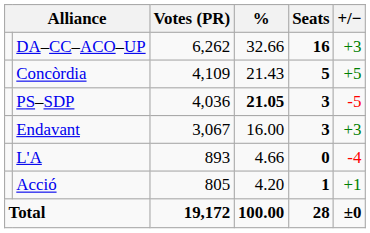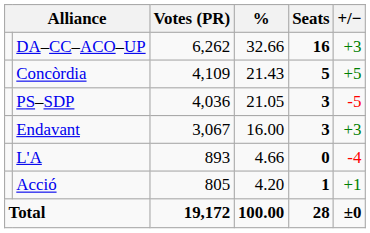 <table class="wikitable" style="text-align:right; font-size:95%;">
 <tr>
 <th colspan="2">Alliance</th>
 <th>Votes (PR)</th>
 <th>%</th>
 <th>Seats</th>
 <th>+/−</th>
 </tr>
 <tr>
 <td style="background:"></td>
 <td align="left"><a href='#'>DA</a>–<a href='#'>CC</a>–<a href='#'>ACO</a>–<a href='#'>UP</a></td>
 <td>6,262</td>
 <td>32.66</td>
 <td><strong>16</strong></td>
 <td style="color:green;">+3</td>
 </tr>
 <tr>
 <td style="background:"></td>
 <td align="left"><a href='#'>Concòrdia</a></td>
 <td>4,109</td>
 <td>21.43</td>
 <td><strong>5</strong></td>
 <td style="color:green;">+5</td>
 </tr>
 <tr>
 <td style="background:"></td>
 <td align="left"><a href='#'>PS</a>–<a href='#'>SDP</a></td>
 <td>4,036</td>
-<td><strong>21.05</strong></td>
+<td>21.05</td>
 <td><strong>3</strong></td>
 <td style="color:red;">-5</td>
 </tr>
 <tr>
 <td style="background:"></td>
 <td align="left"><a href='#'>Endavant</a></td>
 <td>3,067</td>
 <td>16.00</td>
 <td><strong>3</strong></td>
 <td style="color:green;">+3</td>
 </tr>
 <tr>
 <td style="background:"></td>
 <td align="left"><a href='#'>L'A</a></td>
 <td>893</td>
 <td>4.66</td>
 <td><strong>0</strong></td>
 <td style="color:red;">-4</td>
 </tr>
 <tr>
 <td style="background:"></td>
 <td align="left"><a href='#'>Acció</a></td>
 <td>805</td>
 <td>4.20</td>
 <td><strong>1</strong></td>
 <td style="color:green;">+1</td>
 </tr>
 <tr style="font-weight:bold">
 <td colspan="2" align="left">Total</td>
 <td>19,172</td>
 <td>100.00</td>
 <td>28</td>
 <td>±0</td>
 </tr>
 </table>
